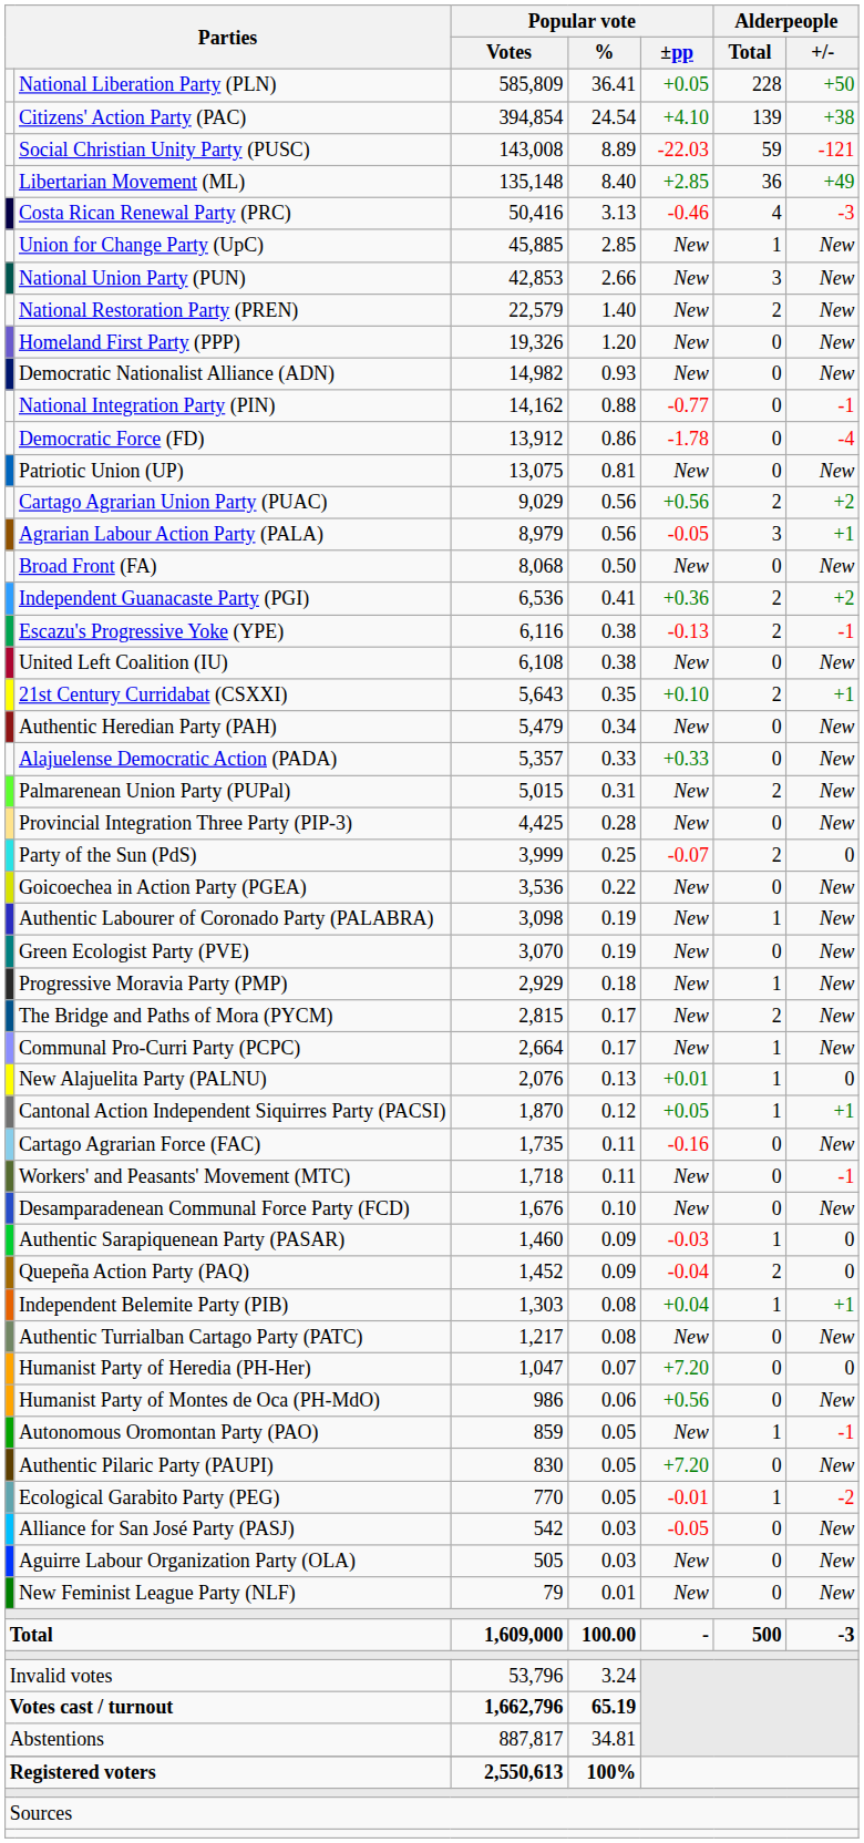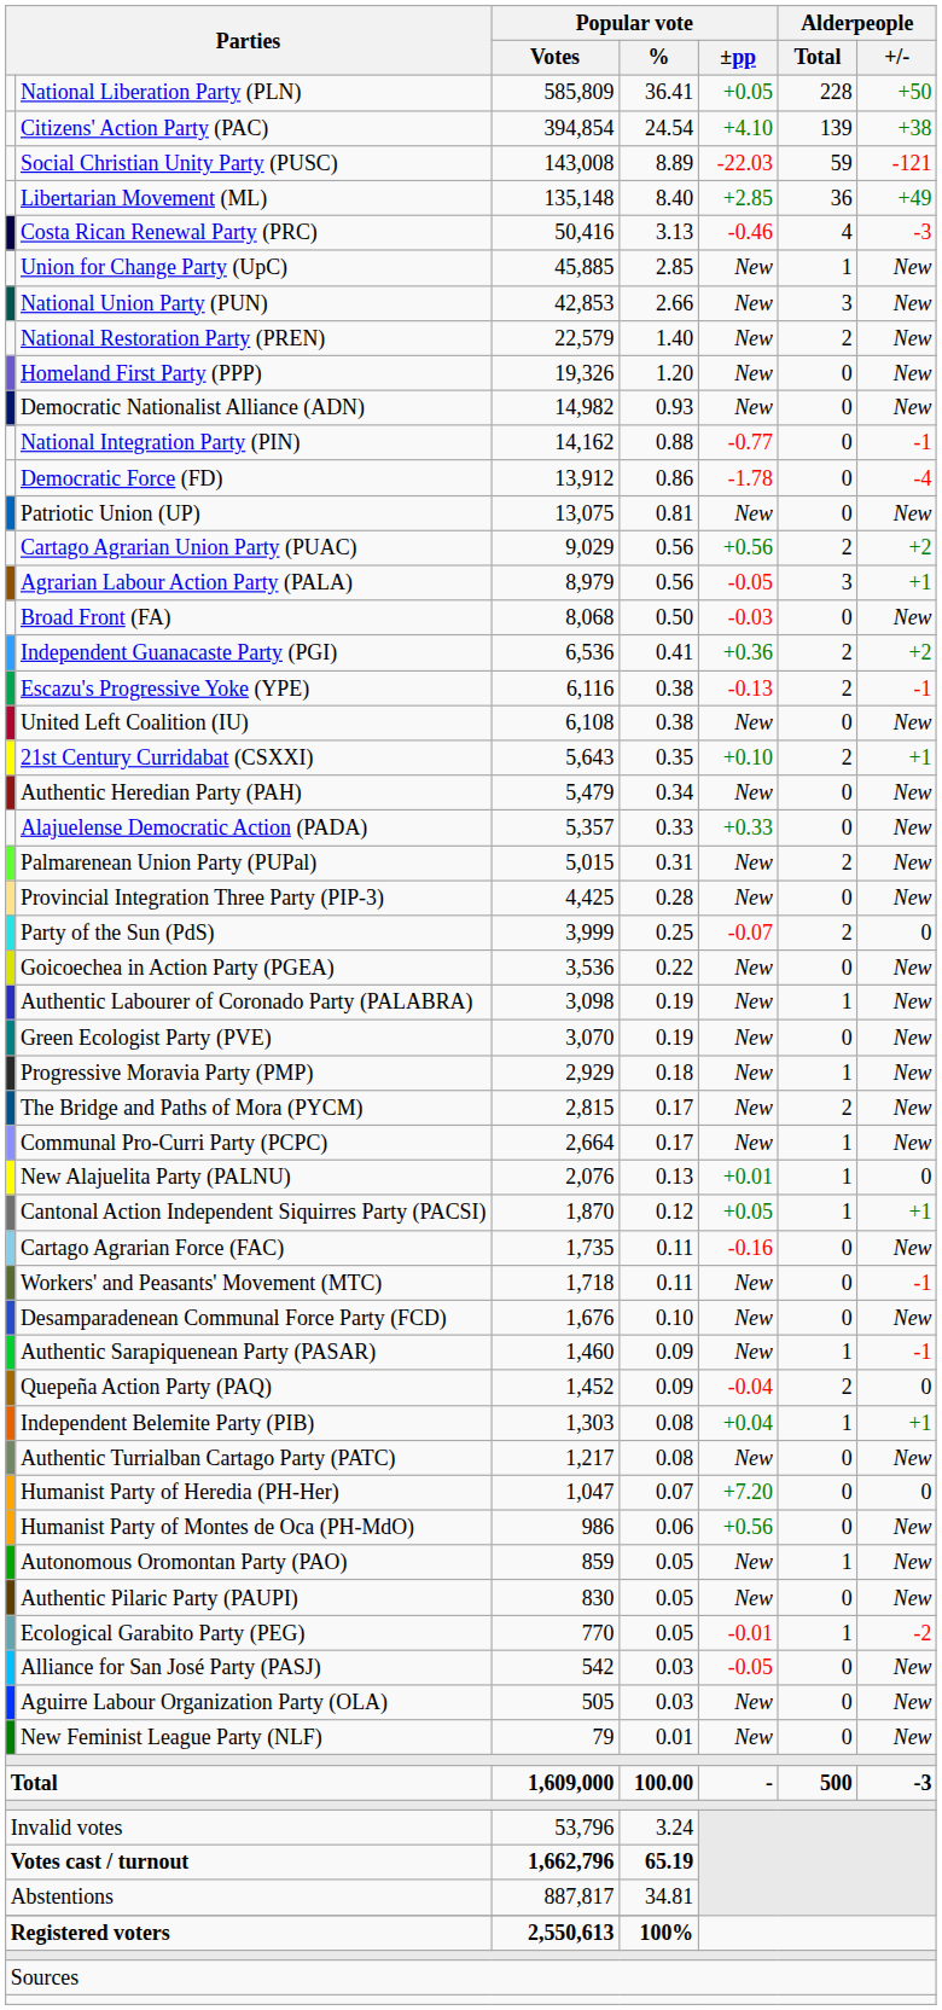 <table class="wikitable" style="text-align:right; font-size:97%;">
 <tr>
 <th style="text-align:centre;" rowspan="2" colspan="2" width="250">Parties</th>
 <th colspan="3">Popular vote</th>
 <th colspan="2">Alderpeople</th>
 </tr>
 <tr>
 <th width="85">Votes</th>
 <th width="50">%</th>
 <th width="50">±<a href='#'>pp</a></th>
 <th width="50">Total</th>
 <th width="50">+/-</th>
 </tr>
 <tr>
 <td style="color:inherit;background:"></td>
 <td align="left"><a href='#'>National Liberation Party</a> (PLN)</td>
 <td>585,809</td>
 <td>36.41</td>
 <td style="color:green;">+0.05</td>
 <td>228</td>
 <td style="color:green;">+50</td>
 </tr>
 <tr>
 <td style="color:inherit;background:"></td>
 <td align="left"><a href='#'>Citizens' Action Party</a> (PAC)</td>
 <td>394,854</td>
 <td>24.54</td>
 <td style="color:green;">+4.10</td>
 <td>139</td>
 <td style="color:green;">+38</td>
 </tr>
 <tr>
 <td style="color:inherit;background:"></td>
 <td align="left"><a href='#'>Social Christian Unity Party</a> (PUSC)</td>
 <td>143,008</td>
 <td>8.89</td>
 <td style="color:red;">-22.03</td>
 <td>59</td>
 <td style="color:red;">-121</td>
 </tr>
 <tr>
 <td style="color:inherit;background:"></td>
 <td align="left"><a href='#'>Libertarian Movement</a> (ML)</td>
 <td>135,148</td>
 <td>8.40</td>
 <td style="color:green;">+2.85</td>
 <td>36</td>
 <td style="color:green;">+49</td>
 </tr>
 <tr>
 <td style="color:inherit;background:#050045"></td>
 <td align="left"><a href='#'>Costa Rican Renewal Party</a> (PRC)</td>
 <td>50,416</td>
 <td>3.13</td>
 <td style="color:red;">-0.46</td>
 <td>4</td>
 <td style="color:red;">-3</td>
 </tr>
 <tr>
 <td style="color:inherit;background:"></td>
 <td align="left"><a href='#'>Union for Change Party</a> (UpC)</td>
 <td>45,885</td>
 <td>2.85</td>
 <td><em>New</em></td>
 <td>1</td>
 <td><em>New</em></td>
 </tr>
 <tr>
 <td style="color:inherit;background:#00554E"></td>
 <td align="left"><a href='#'>National Union Party</a> (PUN)</td>
 <td>42,853</td>
 <td>2.66</td>
 <td><em>New</em></td>
 <td>3</td>
 <td><em>New</em></td>
 </tr>
 <tr>
 <td style="color:inherit;background:"></td>
 <td align="left"><a href='#'>National Restoration Party</a> (PREN)</td>
 <td>22,579</td>
 <td>1.40</td>
 <td><em>New</em></td>
 <td>2</td>
 <td><em>New</em></td>
 </tr>
 <tr>
 <td bgcolor="SlateBlue"></td>
 <td align="left"><a href='#'>Homeland First Party</a> (PPP)</td>
 <td>19,326</td>
 <td>1.20</td>
 <td><em>New</em></td>
 <td>0</td>
 <td><em>New</em></td>
 </tr>
 <tr>
 <td style="color:inherit;background:#00166E"></td>
 <td align="left">Democratic Nationalist Alliance (ADN)</td>
 <td>14,982</td>
 <td>0.93</td>
 <td><em>New</em></td>
 <td>0</td>
 <td><em>New</em></td>
 </tr>
 <tr>
 <td style="color:inherit;background:"></td>
 <td align="left"><a href='#'>National Integration Party</a> (PIN)</td>
 <td>14,162</td>
 <td>0.88</td>
 <td style="color:red;">-0.77</td>
 <td>0</td>
 <td style="color:red;">-1</td>
 </tr>
 <tr>
 <td style="color:inherit;background:"></td>
 <td align="left"><a href='#'>Democratic Force</a> (FD)</td>
 <td>13,912</td>
 <td>0.86</td>
 <td style="color:red;">-1.78</td>
 <td>0</td>
 <td style="color:red;">-4</td>
 </tr>
 <tr>
 <td style="color:inherit;background:#0065BD"></td>
 <td align="left">Patriotic Union (UP)</td>
 <td>13,075</td>
 <td>0.81</td>
 <td><em>New</em></td>
 <td>0</td>
 <td><em>New</em></td>
 </tr>
 <tr>
 <td style="color:inherit;background:"></td>
 <td align="left"><a href='#'>Cartago Agrarian Union Party</a> (PUAC)</td>
 <td>9,029</td>
 <td>0.56</td>
 <td style="color:green;">+0.56</td>
 <td>2</td>
 <td style="color:green;">+2</td>
 </tr>
 <tr>
 <td style="color:inherit;background:#8f5100"></td>
 <td align="left"><a href='#'>Agrarian Labour Action Party</a> (PALA)</td>
 <td>8,979</td>
 <td>0.56</td>
 <td style="color:red;">-0.05</td>
 <td>3</td>
 <td style="color:green;">+1</td>
 </tr>
 <tr>
 <td style="color:inherit;background:"></td>
 <td align="left"><a href='#'>Broad Front</a> (FA)</td>
 <td>8,068</td>
 <td>0.50</td>
-<td><em>New</em></td>
+<td style="color:red;">-0.03</td>
 <td>0</td>
 <td><em>New</em></td>
 </tr>
 <tr>
 <td style="color:inherit;background:#2e9eff"></td>
 <td align="left"><a href='#'>Independent Guanacaste Party</a> (PGI)</td>
 <td>6,536</td>
 <td>0.41</td>
 <td style="color:green;">+0.36</td>
 <td>2</td>
 <td style="color:green;">+2</td>
 </tr>
 <tr>
 <td style="color:inherit;background:#00A550"></td>
 <td align="left"><a href='#'>Escazu's Progressive Yoke</a> (YPE)</td>
 <td>6,116</td>
 <td>0.38</td>
 <td style="color:red;">-0.13</td>
 <td>2</td>
 <td style="color:red;">-1</td>
 </tr>
 <tr>
 <td style="color:inherit;background:#AD0430"></td>
 <td align="left">United Left Coalition (IU)</td>
 <td>6,108</td>
 <td>0.38</td>
 <td><em>New</em></td>
 <td>0</td>
 <td><em>New</em></td>
 </tr>
 <tr>
 <td style="color:inherit;background:#ffff00"></td>
 <td align="left"><a href='#'>21st Century Curridabat</a> (CSXXI)</td>
 <td>5,643</td>
 <td>0.35</td>
 <td style="color:green;">+0.10</td>
 <td>2</td>
 <td style="color:green;">+1</td>
 </tr>
 <tr>
 <td style="color:inherit;background:#8F1414"></td>
 <td align="left">Authentic Heredian Party (PAH)</td>
 <td>5,479</td>
 <td>0.34</td>
 <td><em>New</em></td>
 <td>0</td>
 <td><em>New</em></td>
 </tr>
 <tr>
 <td style="color:inherit;background:"></td>
 <td align="left"><a href='#'>Alajuelense Democratic Action</a> (PADA)</td>
 <td>5,357</td>
 <td>0.33</td>
 <td style="color:green;">+0.33</td>
 <td>0</td>
 <td><em>New</em></td>
 </tr>
 <tr>
 <td style="color:inherit;background:#5DFF2E"></td>
 <td align="left">Palmarenean Union Party (PUPal)</td>
 <td>5,015</td>
 <td>0.31</td>
 <td><em>New</em></td>
 <td>2</td>
 <td><em>New</em></td>
 </tr>
 <tr>
 <td style="color:inherit;background:#FFE38B"></td>
 <td align="left">Provincial Integration Three Party (PIP-3)</td>
 <td>4,425</td>
 <td>0.28</td>
 <td><em>New</em></td>
 <td>0</td>
 <td><em>New</em></td>
 </tr>
 <tr>
 <td style="color:inherit;background:#27E3E5"></td>
 <td align="left">Party of the Sun (PdS)</td>
 <td>3,999</td>
 <td>0.25</td>
 <td style="color:red;">-0.07</td>
 <td>2</td>
 <td>0</td>
 </tr>
 <tr>
 <td style="color:inherit;background:#d8e300"></td>
 <td align="left">Goicoechea in Action Party (PGEA)</td>
 <td>3,536</td>
 <td>0.22</td>
 <td><em>New</em></td>
 <td>0</td>
 <td><em>New</em></td>
 </tr>
 <tr>
 <td style="color:inherit;background:#2A2CC1"></td>
 <td align="left">Authentic Labourer of Coronado Party (PALABRA)</td>
 <td>3,098</td>
 <td>0.19</td>
 <td><em>New</em></td>
 <td>1</td>
 <td><em>New</em></td>
 </tr>
 <tr>
 <td style="color:inherit;background:#008080"></td>
 <td align="left">Green Ecologist Party (PVE)</td>
 <td>3,070</td>
 <td>0.19</td>
 <td><em>New</em></td>
 <td>0</td>
 <td><em>New</em></td>
 </tr>
 <tr>
 <td style="color:inherit;background:#292929"></td>
 <td align="left">Progressive Moravia Party (PMP)</td>
 <td>2,929</td>
 <td>0.18</td>
 <td><em>New</em></td>
 <td>1</td>
 <td><em>New</em></td>
 </tr>
 <tr>
 <td style="color:inherit;background:#00528B"></td>
 <td align="left">The Bridge and Paths of Mora (PYCM)</td>
 <td>2,815</td>
 <td>0.17</td>
 <td><em>New</em></td>
 <td>2</td>
 <td><em>New</em></td>
 </tr>
 <tr>
 <td style="color:inherit;background:#8B8EFF"></td>
 <td align="left">Communal Pro-Curri Party (PCPC)</td>
 <td>2,664</td>
 <td>0.17</td>
 <td><em>New</em></td>
 <td>1</td>
 <td><em>New</em></td>
 </tr>
 <tr>
 <td bgcolor="yellow"></td>
 <td align="left">New Alajuelita Party (PALNU)</td>
 <td>2,076</td>
 <td>0.13</td>
 <td style="color:green;">+0.01</td>
 <td>1</td>
 <td>0</td>
 </tr>
 <tr>
 <td style="color:inherit;background:#707070"></td>
 <td align="left">Cantonal Action Independent Siquirres Party (PACSI)</td>
 <td>1,870</td>
 <td>0.12</td>
 <td style="color:green;">+0.05</td>
 <td>1</td>
 <td style="color:green;">+1</td>
 </tr>
 <tr>
 <td style="color:inherit;background:#87CEEB"></td>
 <td align="left">Cartago Agrarian Force (FAC)</td>
 <td>1,735</td>
 <td>0.11</td>
 <td style="color:red;">-0.16</td>
 <td>0</td>
 <td><em>New</em></td>
 </tr>
 <tr>
 <td style="color:inherit;background:#556B2F"></td>
 <td align="left">Workers' and Peasants' Movement (MTC)</td>
 <td>1,718</td>
 <td>0.11</td>
 <td><em>New</em></td>
 <td>0</td>
 <td style="color:red;">-1</td>
 </tr>
 <tr>
 <td style="color:inherit;background:#264CC9"></td>
 <td align="left">Desamparadenean Communal Force Party (FCD)</td>
 <td>1,676</td>
 <td>0.10</td>
 <td><em>New</em></td>
 <td>0</td>
 <td><em>New</em></td>
 </tr>
 <tr>
 <td style="color:inherit;background:#00d02f"></td>
 <td align="left">Authentic Sarapiquenean Party (PASAR)</td>
 <td>1,460</td>
 <td>0.09</td>
-<td style="color:red;">-0.03</td>
+<td><em>New</em></td>
 <td>1</td>
-<td>0</td>
+<td style="color:red;">-1</td>
 </tr>
 <tr>
 <td style="color:inherit;background:#a26900"></td>
 <td align="left">Quepeña Action Party (PAQ)</td>
 <td>1,452</td>
 <td>0.09</td>
 <td style="color:red;">-0.04</td>
 <td>2</td>
 <td>0</td>
 </tr>
 <tr>
 <td style="color:inherit;background:#e76100"></td>
 <td align="left">Independent Belemite Party (PIB)</td>
 <td>1,303</td>
 <td>0.08</td>
 <td style="color:green;">+0.04</td>
 <td>1</td>
 <td style="color:green;">+1</td>
 </tr>
 <tr>
 <td style="color:inherit;background:#728765"></td>
 <td align="left">Authentic Turrialban Cartago Party (PATC)</td>
 <td>1,217</td>
 <td>0.08</td>
 <td><em>New</em></td>
 <td>0</td>
 <td><em>New</em></td>
 </tr>
 <tr>
 <td bgcolor="orange"></td>
 <td align="left">Humanist Party of Heredia (PH-Her)</td>
 <td>1,047</td>
 <td>0.07</td>
 <td style="color:green;">+7.20</td>
 <td>0</td>
 <td>0</td>
 </tr>
 <tr>
 <td bgcolor="orange"></td>
 <td align="left">Humanist Party of Montes de Oca (PH-MdO)</td>
 <td>986</td>
 <td>0.06</td>
 <td style="color:green;">+0.56</td>
 <td>0</td>
 <td><em>New</em></td>
 </tr>
 <tr>
 <td style="color:inherit;background:#03A500"></td>
 <td align="left">Autonomous Oromontan Party (PAO)</td>
 <td>859</td>
 <td>0.05</td>
 <td><em>New</em></td>
 <td>1</td>
-<td style="color:red;">-1</td>
+<td><em>New</em></td>
 </tr>
 <tr>
 <td style="color:inherit;background:#5C3E00"></td>
 <td align="left">Authentic Pilaric Party (PAUPI)</td>
 <td>830</td>
 <td>0.05</td>
-<td style="color:green;">+7.20</td>
+<td><em>New</em></td>
 <td>0</td>
 <td><em>New</em></td>
 </tr>
 <tr>
 <td style="color:inherit;background:#61A5AE"></td>
 <td align="left">Ecological Garabito Party (PEG)</td>
 <td>770</td>
 <td>0.05</td>
 <td style="color:red;">-0.01</td>
 <td>1</td>
 <td style="color:red;">-2</td>
 </tr>
 <tr>
 <td style="color:inherit;background:#00BFFF"></td>
 <td align="left">Alliance for San José Party (PASJ)</td>
 <td>542</td>
 <td>0.03</td>
 <td style="color:red;">-0.05</td>
 <td>0</td>
 <td><em>New</em></td>
 </tr>
 <tr>
 <td style="color:inherit;background:#0033FF"></td>
 <td align="left">Aguirre Labour Organization Party (OLA)</td>
 <td>505</td>
 <td>0.03</td>
 <td><em>New</em></td>
 <td>0</td>
 <td><em>New</em></td>
 </tr>
 <tr>
 <td style="color:inherit;background:#008000"></td>
 <td align="left">New Feminist League Party (NLF)</td>
 <td>79</td>
 <td>0.01</td>
 <td><em>New</em></td>
 <td>0</td>
 <td><em>New</em></td>
 </tr>
 <tr>
 <td colspan="7" bgcolor="#E9E9E9"></td>
 </tr>
 <tr style="font-weight:bold;">
 <td align="left" colspan="2">Total</td>
 <td>1,609,000</td>
 <td>100.00</td>
 <td>-</td>
 <td>500</td>
 <td>-3</td>
 </tr>
 <tr>
 <td colspan="7" bgcolor="#E9E9E9"></td>
 </tr>
 <tr>
 <td align="left" colspan="2">Invalid votes</td>
 <td>53,796</td>
 <td>3.24</td>
 <td bgcolor="#E9E9E9" rowspan= "4" colspan="3"></td>
 </tr>
 <tr style="font-weight:bold;">
 <td align="left" colspan="2">Votes cast / turnout</td>
 <td>1,662,796</td>
 <td>65.19</td>
 </tr>
 <tr>
 <td align="left" colspan="2">Abstentions</td>
 <td>887,817</td>
 <td>34.81</td>
 </tr>
 <tr style="font-weight:bold;">
 </tr>
 <tr>
 <td align="left" colspan="2"><strong>Registered voters</strong></td>
 <td><strong>2,550,613</strong></td>
 <td><strong>100%</strong></td>
 </tr>
 <tr>
 <td colspan="7" bgcolor="#E9E9E9"></td>
 </tr>
 <tr>
 <td align="left" colspan="7">Sources</td>
 </tr>
 <tr>
 <td align="left" colspan="7"></td>
 </tr>
 </table>
